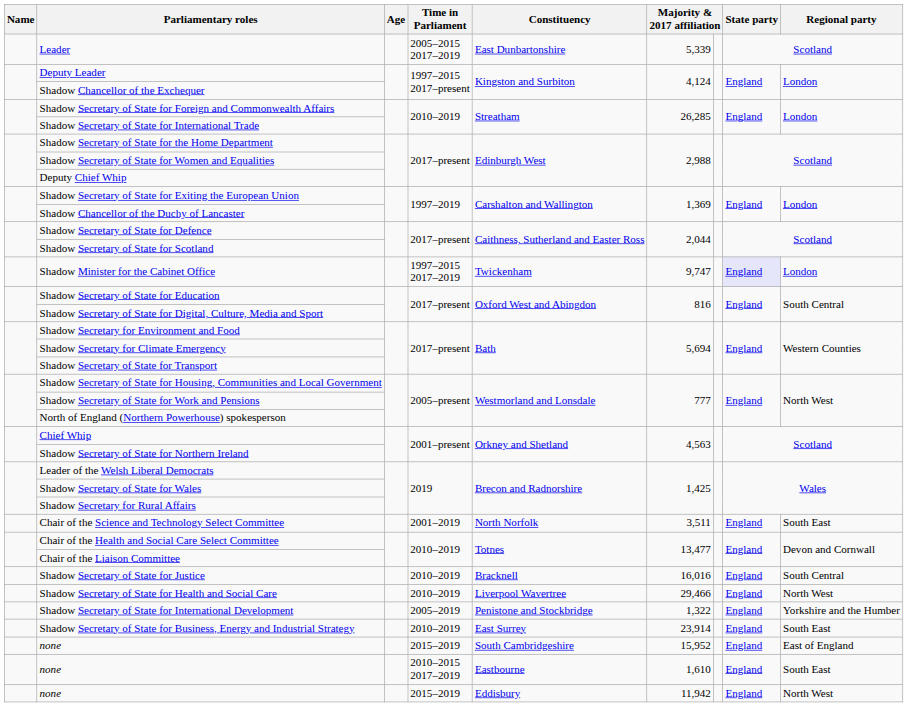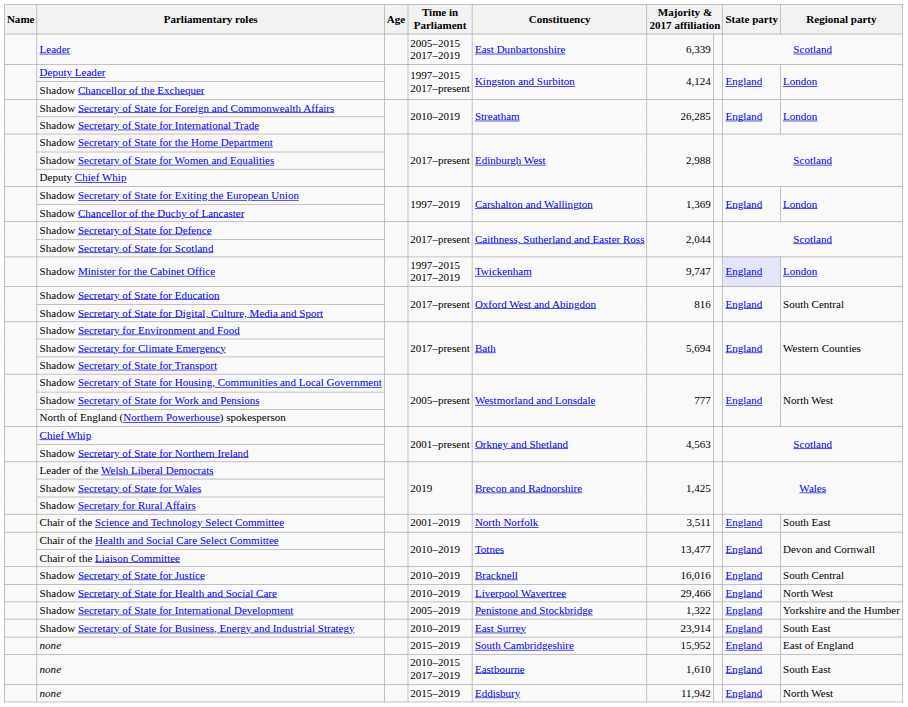 <table class="wikitable sortable">
 <tr>
 <th>Name</th>
 <th>Parliamentary roles</th>
 <th>Age</th>
 <th>Time in<br>Parliament</th>
 <th>Constituency</th>
 <th colspan="2">Majority &<br>2017 affiliation</th>
 <th>State party<br></th>
 <th>Regional party</th>
 </tr>
 <tr>
 <td></td>
 <td><a href='#'>Leader</a></td>
 <td></td>
 <td>2005–2015<br>2017–2019</td>
 <td><a href='#'>East Dunbartonshire</a></td>
-<td style="text-align:right;">5,339</td>
+<td style="text-align:right;">6,339</td>
 <td style="background-color:"></td>
 <td colspan="2" style="text-align: center;"><a href='#'>Scotland</a></td>
 </tr>
 <tr>
 <td rowspan="2"></td>
 <td><a href='#'>Deputy Leader</a></td>
 <td rowspan="2"></td>
 <td rowspan="2">1997–2015<br>2017–present</td>
 <td rowspan="2"><a href='#'>Kingston and Surbiton</a></td>
 <td rowspan="2" style="text-align:right;">4,124</td>
 <td rowspan="2" style="background-color:"></td>
 <td rowspan="2"><a href='#'>England</a></td>
 <td rowspan="2"><a href='#'>London</a></td>
 </tr>
 <tr>
 <td>Shadow <a href='#'>Chancellor of the Exchequer</a></td>
 </tr>
 <tr>
 <td rowspan="2"></td>
 <td>Shadow <a href='#'>Secretary of State for Foreign and Commonwealth Affairs</a></td>
 <td rowspan="2"></td>
 <td rowspan="2">2010–2019</td>
 <td rowspan="2"><a href='#'>Streatham</a></td>
 <td rowspan="2" style="text-align:right;">26,285</td>
 <td rowspan="2" style="background-color:"></td>
 <td rowspan="2"><a href='#'>England</a></td>
 <td rowspan="2"><a href='#'>London</a></td>
 </tr>
 <tr>
 <td>Shadow <a href='#'>Secretary of State for International Trade</a></td>
 </tr>
 <tr>
 <td rowspan="3"></td>
 <td>Shadow <a href='#'>Secretary of State for the Home Department</a></td>
 <td rowspan="3"></td>
 <td rowspan="3">2017–present</td>
 <td rowspan="3"><a href='#'>Edinburgh West</a></td>
 <td rowspan="3" style="text-align:right;">2,988</td>
 <td rowspan="3" style="background-color:"></td>
 <td rowspan="3" colspan="2" style="text-align: center;"><a href='#'>Scotland</a></td>
 </tr>
 <tr>
 <td>Shadow <a href='#'>Secretary of State for Women and Equalities</a></td>
 </tr>
 <tr>
 <td>Deputy <a href='#'>Chief Whip</a></td>
 </tr>
 <tr>
 <td rowspan="2"></td>
 <td>Shadow <a href='#'>Secretary of State for Exiting the European Union</a></td>
 <td rowspan="2"></td>
 <td rowspan="2">1997–2019</td>
 <td rowspan="2"><a href='#'>Carshalton and Wallington</a></td>
 <td rowspan="2" style="text-align:right;">1,369</td>
 <td rowspan="2" style="background-color:"></td>
 <td rowspan="2"><a href='#'>England</a></td>
 <td rowspan="2"><a href='#'>London</a></td>
 </tr>
 <tr>
 <td>Shadow <a href='#'>Chancellor of the Duchy of Lancaster</a></td>
 </tr>
 <tr>
 <td rowspan="2"></td>
 <td>Shadow <a href='#'>Secretary of State for Defence</a></td>
 <td rowspan="2"></td>
 <td rowspan="2">2017–present</td>
 <td rowspan="2"><a href='#'>Caithness, Sutherland and Easter Ross</a></td>
 <td rowspan="2" style="text-align:right;">2,044</td>
 <td rowspan="2" style="background-color:"></td>
 <td rowspan="2" colspan="2" style="text-align: center;"><a href='#'>Scotland</a></td>
 </tr>
 <tr>
 <td>Shadow <a href='#'>Secretary of State for Scotland</a></td>
 </tr>
 <tr>
 <td></td>
 <td>Shadow <a href='#'>Minister for the Cabinet Office</a></td>
 <td></td>
 <td>1997–2015<br>2017–2019</td>
 <td><a href='#'>Twickenham</a></td>
 <td style="text-align:right;">9,747</td>
 <td style="background-color:"></td>
 <td style="background: lavender;"><a href='#'>England</a></td>
 <td><a href='#'>London</a></td>
 </tr>
 <tr>
 <td rowspan="2"></td>
 <td>Shadow <a href='#'>Secretary of State for Education</a></td>
 <td rowspan="2"></td>
 <td rowspan="2">2017–present</td>
 <td rowspan="2"><a href='#'>Oxford West and Abingdon</a></td>
 <td rowspan="2" style="text-align:right;">816</td>
 <td rowspan="2" style="background-color:"></td>
 <td rowspan="2"><a href='#'>England</a></td>
 <td rowspan="2">South Central</td>
 </tr>
 <tr>
 <td>Shadow <a href='#'>Secretary of State for Digital, Culture, Media and Sport</a></td>
 </tr>
 <tr>
 <td rowspan="3"></td>
 <td>Shadow <a href='#'>Secretary for Environment and Food</a></td>
 <td rowspan="3"></td>
 <td rowspan="3">2017–present</td>
 <td rowspan="3"><a href='#'>Bath</a></td>
 <td rowspan="3" style="text-align:right;">5,694</td>
 <td rowspan="3" style="background-color:"></td>
 <td rowspan="3"><a href='#'>England</a></td>
 <td rowspan="3">Western Counties</td>
 </tr>
 <tr>
 <td>Shadow <a href='#'>Secretary for Climate Emergency</a></td>
 </tr>
 <tr>
 <td>Shadow <a href='#'>Secretary of State for Transport</a></td>
 </tr>
 <tr>
 <td rowspan="3"></td>
 <td>Shadow <a href='#'>Secretary of State for Housing, Communities and Local Government</a></td>
 <td rowspan="3"></td>
 <td rowspan="3">2005–present</td>
 <td rowspan="3"><a href='#'>Westmorland and Lonsdale</a></td>
 <td rowspan="3" style="text-align:right;">777</td>
 <td rowspan="3" style="background-color:"></td>
 <td rowspan="3"><a href='#'>England</a></td>
 <td rowspan="3">North West</td>
 </tr>
 <tr>
 <td>Shadow <a href='#'>Secretary of State for Work and Pensions</a></td>
 </tr>
 <tr>
 <td>North of England (<a href='#'>Northern Powerhouse</a>) spokesperson</td>
 </tr>
 <tr>
 <td rowspan="2"></td>
 <td><a href='#'>Chief Whip</a></td>
 <td rowspan="2"></td>
 <td rowspan="2">2001–present</td>
 <td rowspan="2"><a href='#'>Orkney and Shetland</a></td>
 <td rowspan="2" style="text-align:right;">4,563</td>
 <td rowspan="2" style="background-color:"></td>
 <td rowspan="2" colspan="2" style="text-align: center;"><a href='#'>Scotland</a></td>
 </tr>
 <tr>
 <td>Shadow <a href='#'>Secretary of State for Northern Ireland</a></td>
 </tr>
 <tr>
 <td rowspan="3"></td>
 <td>Leader of the <a href='#'>Welsh Liberal Democrats</a></td>
 <td rowspan="3"></td>
 <td rowspan="3">2019</td>
 <td rowspan="3"><a href='#'>Brecon and Radnorshire</a></td>
 <td rowspan="3" style="text-align:right;">1,425</td>
 <td rowspan="3" style="background-color:"></td>
 <td rowspan="3" colspan="2" style="text-align: center;"><a href='#'>Wales</a></td>
 </tr>
 <tr>
 <td>Shadow <a href='#'>Secretary of State for Wales</a></td>
 </tr>
 <tr>
 <td>Shadow <a href='#'>Secretary for Rural Affairs</a></td>
 </tr>
 <tr>
 <td></td>
 <td>Chair of the <a href='#'>Science and Technology Select Committee</a></td>
 <td></td>
 <td>2001–2019</td>
 <td><a href='#'>North Norfolk</a></td>
 <td style="text-align:right;">3,511</td>
 <td style="background-color:"></td>
 <td><a href='#'>England</a></td>
 <td>South East</td>
 </tr>
 <tr>
 <td rowspan="2"></td>
 <td>Chair of the <a href='#'>Health and Social Care Select Committee</a></td>
 <td rowspan="2"></td>
 <td rowspan="2">2010–2019</td>
 <td rowspan="2"><a href='#'>Totnes</a></td>
 <td rowspan="2" style="text-align:right;">13,477</td>
 <td rowspan="2" style="background-color:"></td>
 <td rowspan="2"><a href='#'>England</a></td>
 <td rowspan="2">Devon and Cornwall</td>
 </tr>
 <tr>
 <td>Chair of the <a href='#'>Liaison Committee</a></td>
 </tr>
 <tr>
 <td></td>
 <td>Shadow <a href='#'>Secretary of State for Justice</a></td>
 <td></td>
 <td>2010–2019</td>
 <td><a href='#'>Bracknell</a></td>
 <td style="text-align:right;">16,016</td>
 <td style="background-color:"></td>
 <td><a href='#'>England</a></td>
 <td>South Central</td>
 </tr>
 <tr>
 <td></td>
 <td>Shadow <a href='#'>Secretary of State for Health and Social Care</a></td>
 <td></td>
 <td>2010–2019</td>
 <td><a href='#'>Liverpool Wavertree</a></td>
 <td style="text-align:right;">29,466</td>
 <td style="background-color:"></td>
 <td><a href='#'>England</a></td>
 <td>North West</td>
 </tr>
 <tr>
 <td></td>
 <td>Shadow <a href='#'>Secretary of State for International Development</a></td>
 <td></td>
 <td>2005–2019</td>
 <td><a href='#'>Penistone and Stockbridge</a></td>
 <td style="text-align:right;">1,322</td>
 <td style="background-color:"></td>
 <td><a href='#'>England</a></td>
 <td>Yorkshire and the Humber</td>
 </tr>
 <tr>
 <td></td>
 <td>Shadow <a href='#'>Secretary of State for Business, Energy and Industrial Strategy</a></td>
 <td></td>
 <td>2010–2019</td>
 <td><a href='#'>East Surrey</a></td>
 <td style="text-align:right;">23,914</td>
 <td style="background-color:"></td>
 <td><a href='#'>England</a></td>
 <td>South East</td>
 </tr>
 <tr>
 <td></td>
 <td><em>none</em></td>
 <td></td>
 <td>2015–2019</td>
 <td><a href='#'>South Cambridgeshire</a></td>
 <td style="text-align:right;">15,952</td>
 <td style="background-color:"></td>
 <td><a href='#'>England</a></td>
 <td>East of England</td>
 </tr>
 <tr>
 <td></td>
 <td><em>none</em></td>
 <td></td>
 <td>2010–2015<br>2017–2019</td>
 <td><a href='#'>Eastbourne</a></td>
 <td style="text-align:right;">1,610</td>
 <td style="background-color:"></td>
 <td><a href='#'>England</a></td>
 <td>South East</td>
 </tr>
 <tr>
 <td></td>
 <td><em>none</em></td>
 <td></td>
 <td>2015–2019</td>
 <td><a href='#'>Eddisbury</a></td>
 <td style="text-align:right;">11,942</td>
 <td style="background-color:"></td>
 <td><a href='#'>England</a></td>
 <td>North West</td>
 </tr>
 </table>
